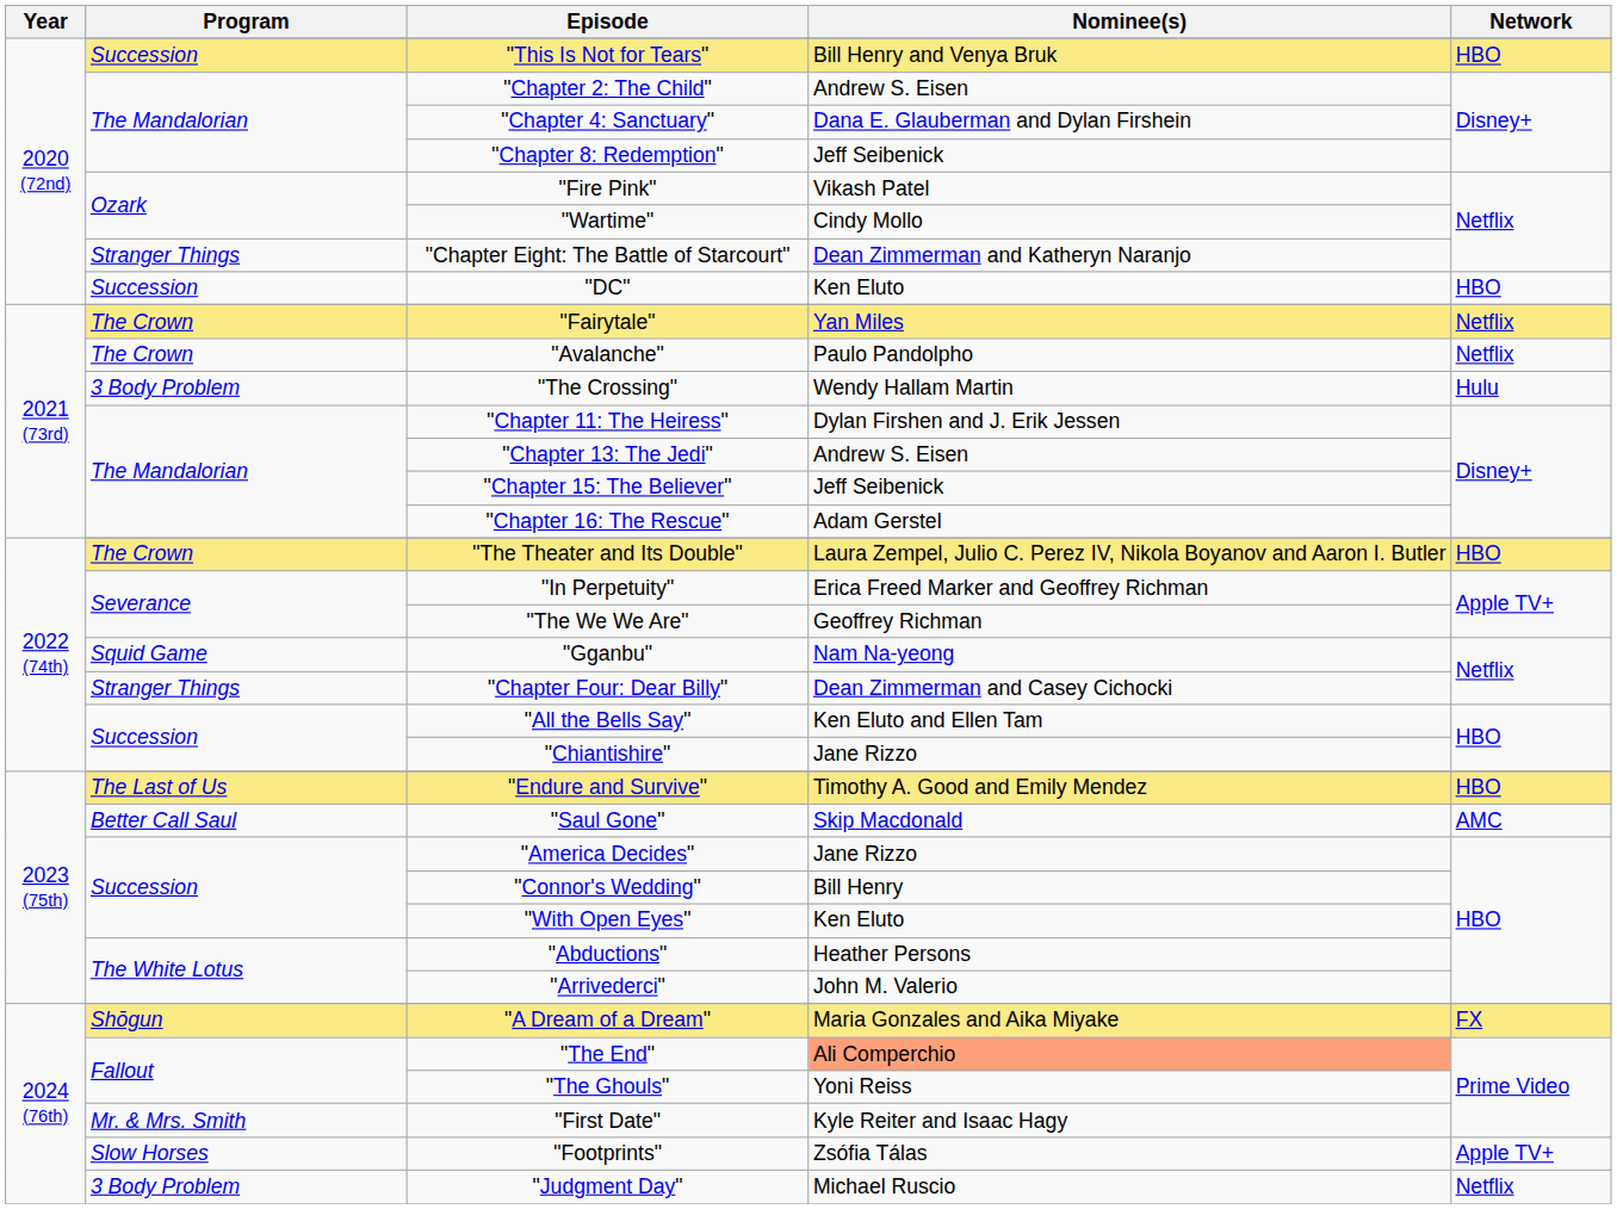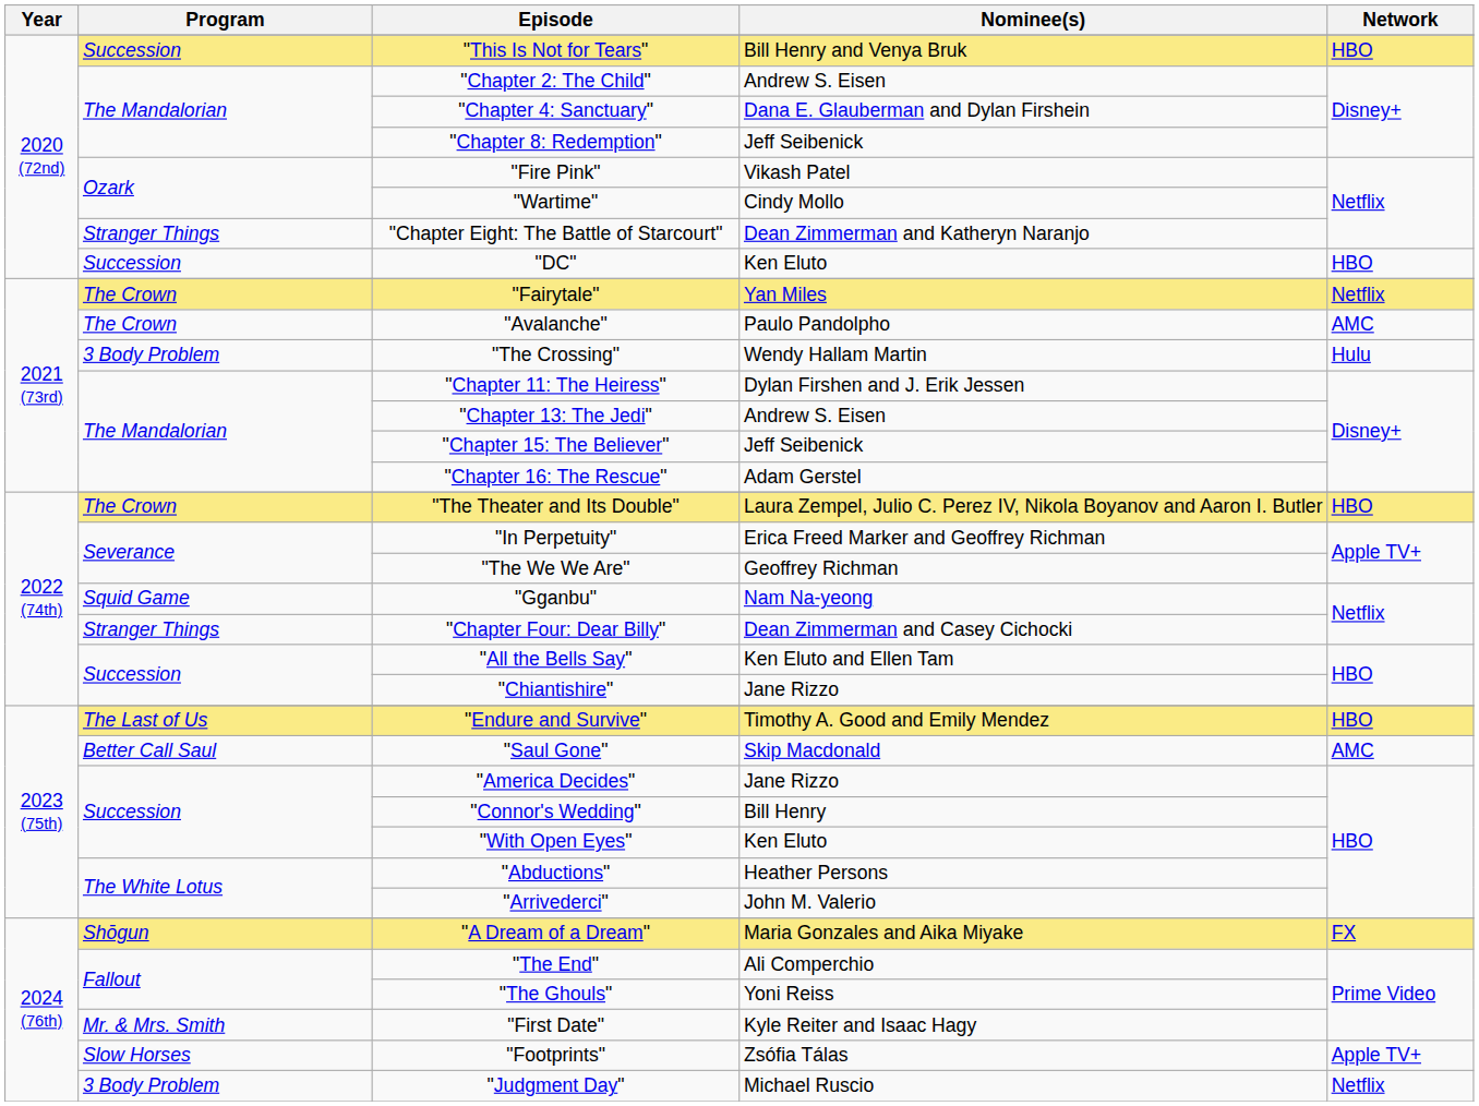 <table class="wikitable">
 <tr>
 <th width="5%">Year</th>
 <th width="20%">Program</th>
 <th width="25%">Episode</th>
 <th width="40%">Nominee(s)</th>
 <th width="10%">Network</th>
 </tr>
 <tr>
 <td rowspan=9 style="text-align:center;"><a href='#'>2020</a><br><small><a href='#'>(72nd)</a></small><br></td>
 </tr>
 <tr style="background:#FAEB86;">
 <td><em><a href='#'>Succession</a></em></td>
 <td align=center>"<a href='#'>This Is Not for Tears</a>"</td>
 <td>Bill Henry and Venya Bruk</td>
 <td><a href='#'>HBO</a></td>
 </tr>
 <tr>
 <td rowspan=3><em><a href='#'>The Mandalorian</a></em></td>
 <td align=center>"<a href='#'>Chapter 2: The Child</a>"</td>
 <td>Andrew S. Eisen</td>
 <td rowspan=3><a href='#'>Disney+</a></td>
 </tr>
 <tr>
 <td align=center>"<a href='#'>Chapter 4: Sanctuary</a>"</td>
 <td><a href='#'>Dana E. Glauberman</a> and Dylan Firshein</td>
 </tr>
 <tr>
 <td align=center>"<a href='#'>Chapter 8: Redemption</a>"</td>
 <td>Jeff Seibenick</td>
 </tr>
 <tr>
 <td rowspan=2><em><a href='#'>Ozark</a></em></td>
 <td align=center>"Fire Pink"</td>
 <td>Vikash Patel</td>
 <td rowspan=3><a href='#'>Netflix</a></td>
 </tr>
 <tr>
 <td align=center>"Wartime"</td>
 <td>Cindy Mollo</td>
 </tr>
 <tr>
 <td><em><a href='#'>Stranger Things</a></em></td>
 <td align=center>"Chapter Eight: The Battle of Starcourt"</td>
 <td><a href='#'>Dean Zimmerman</a> and Katheryn Naranjo</td>
 </tr>
 <tr>
 <td><em><a href='#'>Succession</a></em></td>
 <td align=center>"DC"</td>
 <td>Ken Eluto</td>
 <td><a href='#'>HBO</a></td>
 </tr>
 <tr>
 <td rowspan=8 style="text-align:center;"><a href='#'>2021</a><br><small><a href='#'>(73rd)</a></small><br></td>
 </tr>
 <tr style="background:#FAEB86;">
 <td><em><a href='#'>The Crown</a></em></td>
 <td align=center>"Fairytale"</td>
 <td><a href='#'>Yan Miles</a></td>
 <td><a href='#'>Netflix</a></td>
 </tr>
 <tr>
 <td><em><a href='#'>The Crown</a></em></td>
 <td align=center>"Avalanche"</td>
 <td>Paulo Pandolpho</td>
-<td><a href='#'>Netflix</a></td>
+<td><a href='#'>AMC</a></td>
 </tr>
 <tr>
 <td><em><a href='#'>3 Body Problem</a></em></td>
 <td align=center>"The Crossing"</td>
 <td>Wendy Hallam Martin</td>
 <td><a href='#'>Hulu</a></td>
 </tr>
 <tr>
 <td rowspan=4><em><a href='#'>The Mandalorian</a></em></td>
 <td align=center>"<a href='#'>Chapter 11: The Heiress</a>"</td>
 <td>Dylan Firshen and J. Erik Jessen</td>
 <td rowspan=4><a href='#'>Disney+</a></td>
 </tr>
 <tr>
 <td align=center>"<a href='#'>Chapter 13: The Jedi</a>"</td>
 <td>Andrew S. Eisen</td>
 </tr>
 <tr>
 <td align=center>"<a href='#'>Chapter 15: The Believer</a>"</td>
 <td>Jeff Seibenick</td>
 </tr>
 <tr>
 <td align=center>"<a href='#'>Chapter 16: The Rescue</a>"</td>
 <td>Adam Gerstel</td>
 </tr>
 <tr>
 <td rowspan=8 style="text-align:center;"><a href='#'>2022</a><br><small><a href='#'>(74th)</a></small><br></td>
 </tr>
 <tr style="background:#FAEB86;">
 <td><em><a href='#'>The Crown</a></em></td>
 <td align=center>"The Theater and Its Double"</td>
 <td>Laura Zempel, Julio C. Perez IV, Nikola Boyanov and Aaron I. Butler</td>
 <td><a href='#'>HBO</a></td>
 </tr>
 <tr>
 <td rowspan="2"><em><a href='#'>Severance</a></em></td>
 <td align=center>"In Perpetuity"</td>
 <td>Erica Freed Marker and Geoffrey Richman</td>
 <td rowspan="2"><a href='#'>Apple TV+</a></td>
 </tr>
 <tr>
 <td align=center>"The We We Are"</td>
 <td>Geoffrey Richman</td>
 </tr>
 <tr>
 <td><em><a href='#'>Squid Game</a></em></td>
 <td align=center>"Gganbu"</td>
 <td><a href='#'>Nam Na-yeong</a></td>
 <td rowspan=2><a href='#'>Netflix</a></td>
 </tr>
 <tr>
 <td><em><a href='#'>Stranger Things</a></em></td>
 <td align=center>"<a href='#'>Chapter Four: Dear Billy</a>"</td>
 <td><a href='#'>Dean Zimmerman</a> and Casey Cichocki</td>
 </tr>
 <tr>
 <td rowspan="2"><em><a href='#'>Succession</a></em></td>
 <td align=center>"<a href='#'>All the Bells Say</a>"</td>
 <td>Ken Eluto and Ellen Tam</td>
 <td rowspan="2"><a href='#'>HBO</a></td>
 </tr>
 <tr>
 <td align=center>"<a href='#'>Chiantishire</a>"</td>
 <td>Jane Rizzo</td>
 </tr>
 <tr>
 <td rowspan=8 style="text-align:center;"><a href='#'>2023</a><br><small><a href='#'>(75th)</a></small><br></td>
 </tr>
 <tr style="background:#FAEB86;">
 <td><em><a href='#'>The Last of Us</a></em></td>
 <td align=center>"<a href='#'>Endure and Survive</a>"</td>
 <td>Timothy A. Good and Emily Mendez</td>
 <td><a href='#'>HBO</a></td>
 </tr>
 <tr>
 <td><em><a href='#'>Better Call Saul</a></em></td>
 <td align=center>"<a href='#'>Saul Gone</a>"</td>
 <td><a href='#'>Skip Macdonald</a></td>
 <td><a href='#'>AMC</a></td>
 </tr>
 <tr>
 <td rowspan="3"><em><a href='#'>Succession</a></em></td>
 <td align=center>"<a href='#'>America Decides</a>"</td>
 <td>Jane Rizzo</td>
 <td rowspan="5"><a href='#'>HBO</a></td>
 </tr>
 <tr>
 <td align=center>"<a href='#'>Connor's Wedding</a>"</td>
 <td>Bill Henry</td>
 </tr>
 <tr>
 <td align=center>"<a href='#'>With Open Eyes</a>"</td>
 <td>Ken Eluto</td>
 </tr>
 <tr>
 <td rowspan="2"><em><a href='#'>The White Lotus</a></em></td>
 <td align=center>"<a href='#'>Abductions</a>"</td>
 <td>Heather Persons</td>
 </tr>
 <tr>
 <td align=center>"<a href='#'>Arrivederci</a>"</td>
 <td>John M. Valerio</td>
 </tr>
 <tr>
 <td rowspan=7 style="text-align:center;"><a href='#'>2024</a><br><small><a href='#'>(76th)</a></small><br></td>
 </tr>
 <tr style="background:#FAEB86;">
 <td><em><a href='#'>Shōgun</a></em></td>
 <td align=center>"<a href='#'>A Dream of a Dream</a>"</td>
 <td>Maria Gonzales and Aika Miyake</td>
 <td><a href='#'>FX</a></td>
 </tr>
 <tr>
 <td rowspan="2"><em><a href='#'>Fallout</a></em></td>
 <td align=center>"<a href='#'>The End</a>"</td>
-<td style="background: lightsalmon;">Ali Comperchio</td>
+<td>Ali Comperchio</td>
 <td rowspan="3"><a href='#'>Prime Video</a></td>
 </tr>
 <tr>
 <td align=center>"<a href='#'>The Ghouls</a>"</td>
 <td>Yoni Reiss</td>
 </tr>
 <tr>
 <td><em><a href='#'>Mr. & Mrs. Smith</a></em></td>
 <td align=center>"First Date"</td>
 <td>Kyle Reiter and Isaac Hagy</td>
 </tr>
 <tr>
 <td><em><a href='#'>Slow Horses</a></em></td>
 <td align=center>"Footprints"</td>
 <td>Zsófia Tálas</td>
 <td><a href='#'>Apple TV+</a></td>
 </tr>
 <tr>
 <td><em><a href='#'>3 Body Problem</a></em></td>
 <td align=center>"<a href='#'>Judgment Day</a>"</td>
 <td>Michael Ruscio</td>
 <td><a href='#'>Netflix</a></td>
 </tr>
 </table>
